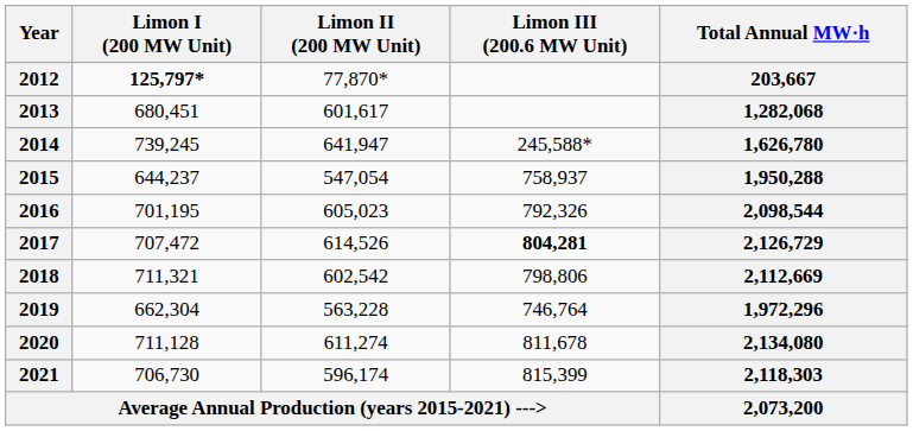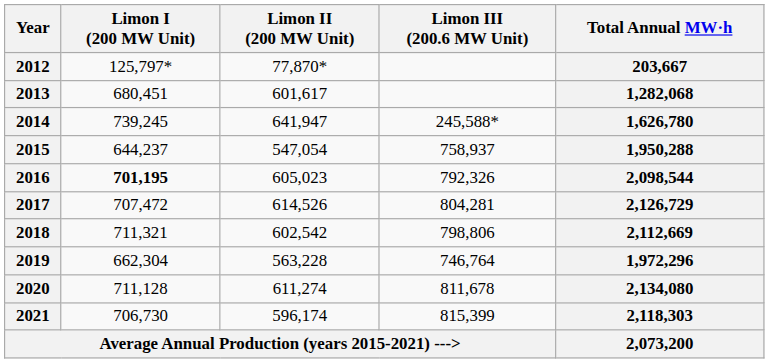 <table class=wikitable style="text-align:center; font-size:0.9em; width:650px;">
 <tr>
 <th>Year</th>
 <th>Limon I<br>(200 MW Unit) </th>
 <th>Limon II<br>(200 MW Unit) </th>
 <th>Limon III<br>(200.6 MW Unit) </th>
 <th>Total Annual <a href='#'>MW·h</a></th>
 </tr>
 <tr>
 <th>2012</th>
-<td><strong>125,797*</strong></td>
+<td>125,797*</td>
 <td>77,870*</td>
 <td></td>
 <th>203,667</th>
 </tr>
 <tr>
 <th>2013</th>
 <td>680,451</td>
 <td>601,617</td>
 <td></td>
 <th>1,282,068</th>
 </tr>
 <tr>
 <th>2014</th>
 <td>739,245</td>
 <td>641,947</td>
 <td>245,588*</td>
 <th>1,626,780</th>
 </tr>
 <tr>
 <th>2015</th>
 <td>644,237</td>
 <td>547,054</td>
 <td>758,937</td>
 <th>1,950,288</th>
 </tr>
 <tr>
 <th>2016</th>
-<td>701,195</td>
+<td><strong>701,195</strong></td>
 <td>605,023</td>
 <td>792,326</td>
 <th>2,098,544</th>
 </tr>
 <tr>
 <th>2017</th>
 <td>707,472</td>
 <td>614,526</td>
-<td><strong>804,281</strong></td>
+<td>804,281</td>
 <th>2,126,729</th>
 </tr>
 <tr>
 <th>2018</th>
 <td>711,321</td>
 <td>602,542</td>
 <td>798,806</td>
 <th>2,112,669</th>
 </tr>
 <tr>
 <th>2019</th>
 <td>662,304</td>
 <td>563,228</td>
 <td>746,764</td>
 <th>1,972,296</th>
 </tr>
 <tr>
 <th>2020</th>
 <td>711,128</td>
 <td>611,274</td>
 <td>811,678</td>
 <th>2,134,080</th>
 </tr>
 <tr>
 <th>2021</th>
 <td>706,730</td>
 <td>596,174</td>
 <td>815,399</td>
 <th>2,118,303</th>
 </tr>
 <tr>
 <th colspan=4>Average Annual Production (years 2015-2021) ---></th>
 <th>2,073,200</th>
 </tr>
 </table>
